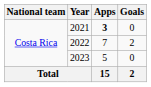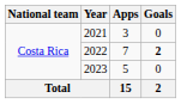 <table class="wikitable" style="text-align:center">
 <tr>
 <th>National team</th>
 <th>Year</th>
 <th>Apps</th>
 <th>Goals</th>
 </tr>
 <tr>
 <td rowspan="3"><a href='#'>Costa Rica</a></td>
 <td>2021</td>
-<td><strong>3</strong></td>
+<td>3</td>
 <td>0</td>
 </tr>
 <tr>
 <td>2022</td>
 <td>7</td>
-<td>2</td>
+<td><strong>2</strong></td>
 </tr>
 <tr>
 <td>2023</td>
 <td>5</td>
 <td>0</td>
 </tr>
 <tr>
 <th colspan="2">Total</th>
 <th>15</th>
 <th>2</th>
 </tr>
 </table>
